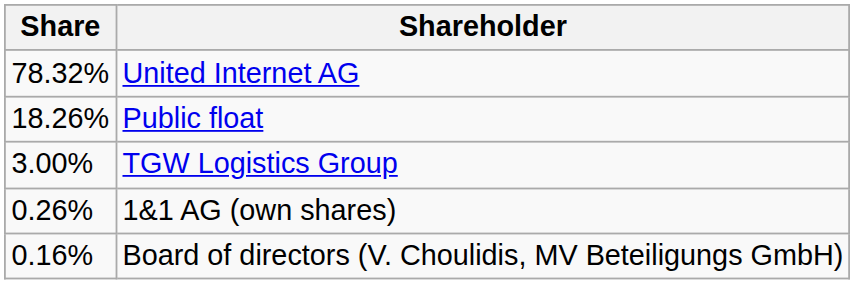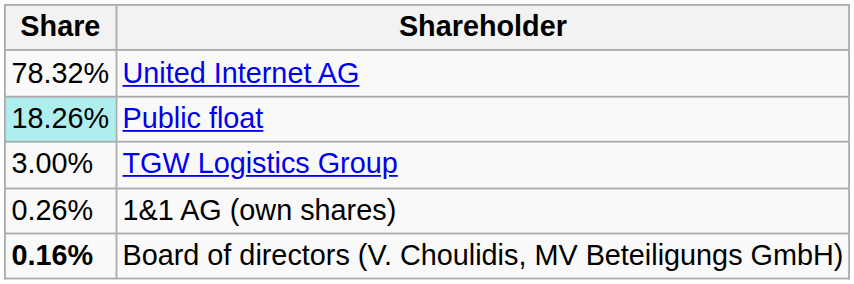 <table class="wikitable">
 <tr>
 <th>Share</th>
 <th>Shareholder</th>
 </tr>
 <tr>
 <td>78.32%</td>
 <td><a href='#'>United Internet AG</a></td>
 </tr>
 <tr>
-<td>18.26%</td>
+<td style="background: paleturquoise;">18.26%</td>
 <td><a href='#'>Public float</a></td>
 </tr>
 <tr>
 <td>3.00%</td>
 <td><a href='#'>TGW Logistics Group</a></td>
 </tr>
 <tr>
 <td>0.26%</td>
 <td>1&1 AG (own shares)</td>
 </tr>
 <tr>
-<td>0.16%</td>
+<td><strong>0.16%</strong></td>
 <td>Board of directors (V. Choulidis, MV Beteiligungs GmbH)</td>
 </tr>
 </table>
